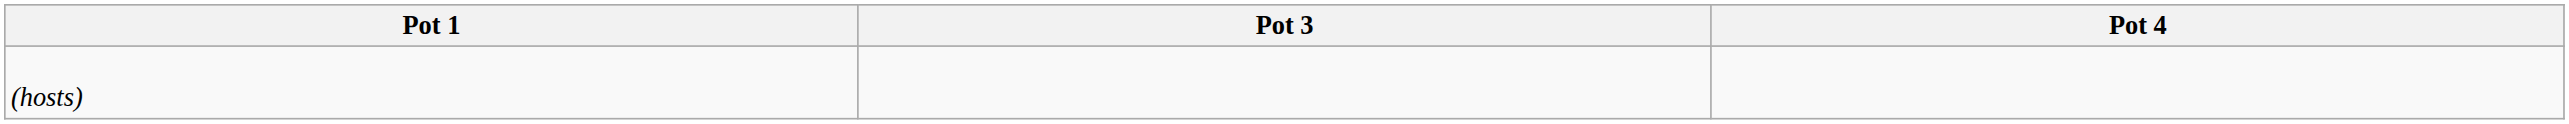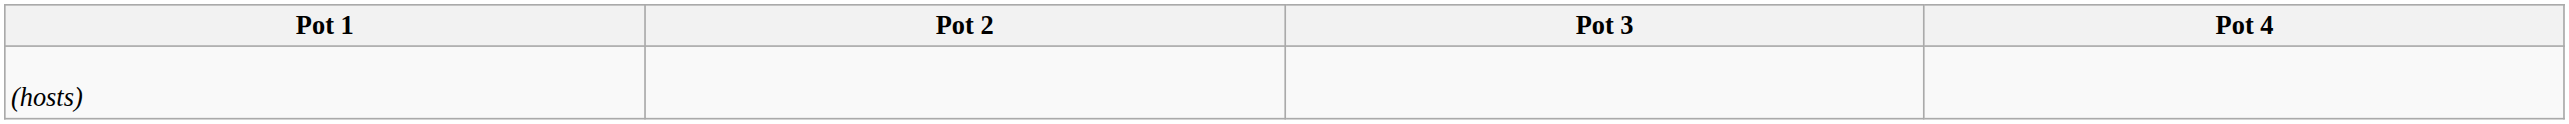 <table class="wikitable" style="width:98%">
 <tr>
 <th width=25%>Pot 1</th>
+<th width=25%>Pot 2</th>
 <th width=25%>Pot 3</th>
 <th width=25%>Pot 4</th>
 </tr>
 <tr>
 <td><br> <em>(hosts)</em><br> </td>
 <td><br> <br> </td>
 <td><br> <br> </td>
+<td><br> <br> </td>
 </tr>
 </table>
